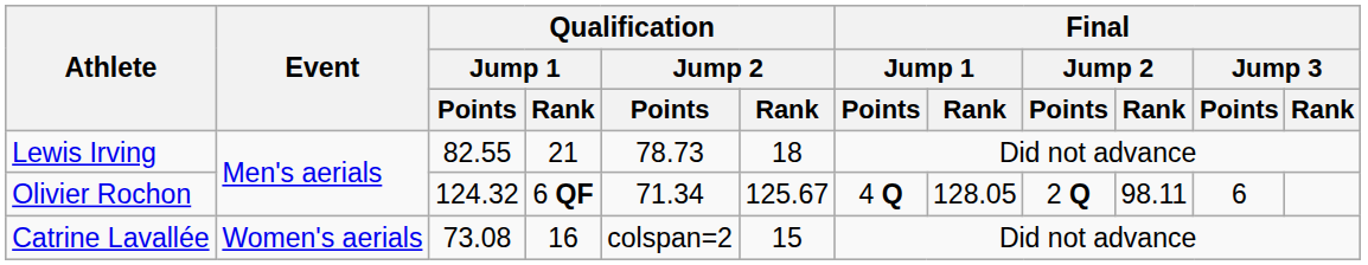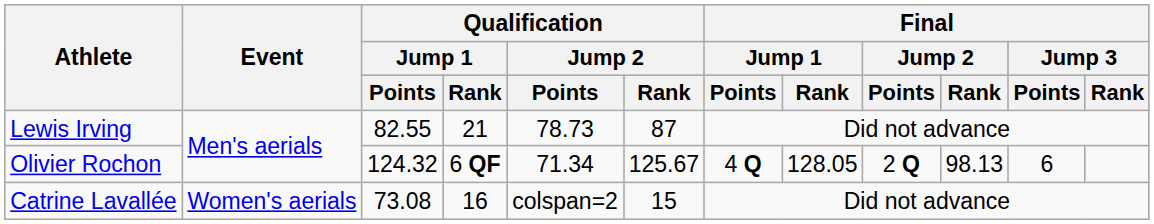 <table class="wikitable" style="font-size:90%">
 <tr>
 <th rowspan="3">Athlete</th>
 <th rowspan="3">Event</th>
 <th colspan=4>Qualification</th>
 <th colspan=6>Final</th>
 </tr>
 <tr style="font-size:95%">
 <th colspan=2>Jump 1</th>
 <th colspan=2>Jump 2</th>
 <th colspan=2>Jump 1</th>
 <th colspan=2>Jump 2</th>
 <th colspan=2>Jump 3</th>
 </tr>
 <tr style="font-size:95%">
 <th>Points</th>
 <th>Rank</th>
 <th>Points</th>
 <th>Rank</th>
 <th>Points</th>
 <th>Rank</th>
 <th>Points</th>
 <th>Rank</th>
 <th>Points</th>
 <th>Rank</th>
 </tr>
 <tr align=center>
 <td align=left><a href='#'>Lewis Irving</a></td>
 <td rowspan="2" align="left"><a href='#'>Men's aerials</a></td>
 <td>82.55</td>
 <td>21</td>
 <td>78.73</td>
-<td>18</td>
+<td>87</td>
 <td colspan=6>Did not advance</td>
 </tr>
 <tr align=center>
 <td align=left><a href='#'>Olivier Rochon</a></td>
 <td>124.32</td>
 <td>6 <strong>QF</strong></td>
 <td>71.34</td>
 <td>125.67</td>
 <td>4 <strong>Q</strong></td>
 <td>128.05</td>
 <td>2 <strong>Q</strong></td>
-<td>98.11</td>
+<td>98.13</td>
 <td>6</td>
 </tr>
 <tr align=center>
 <td align=left><a href='#'>Catrine Lavallée</a></td>
 <td align=left><a href='#'>Women's aerials</a></td>
 <td>73.08</td>
 <td>16</td>
 <td>colspan=2 </td>
 <td>15</td>
 <td colspan=6>Did not advance</td>
 </tr>
 </table>
